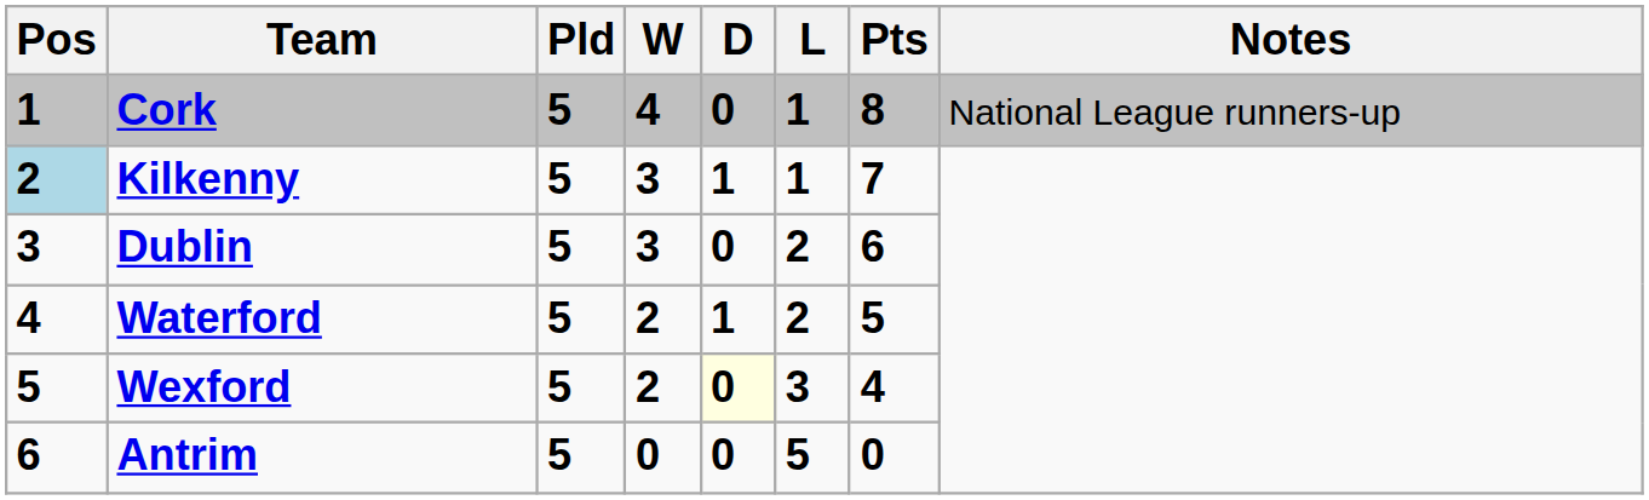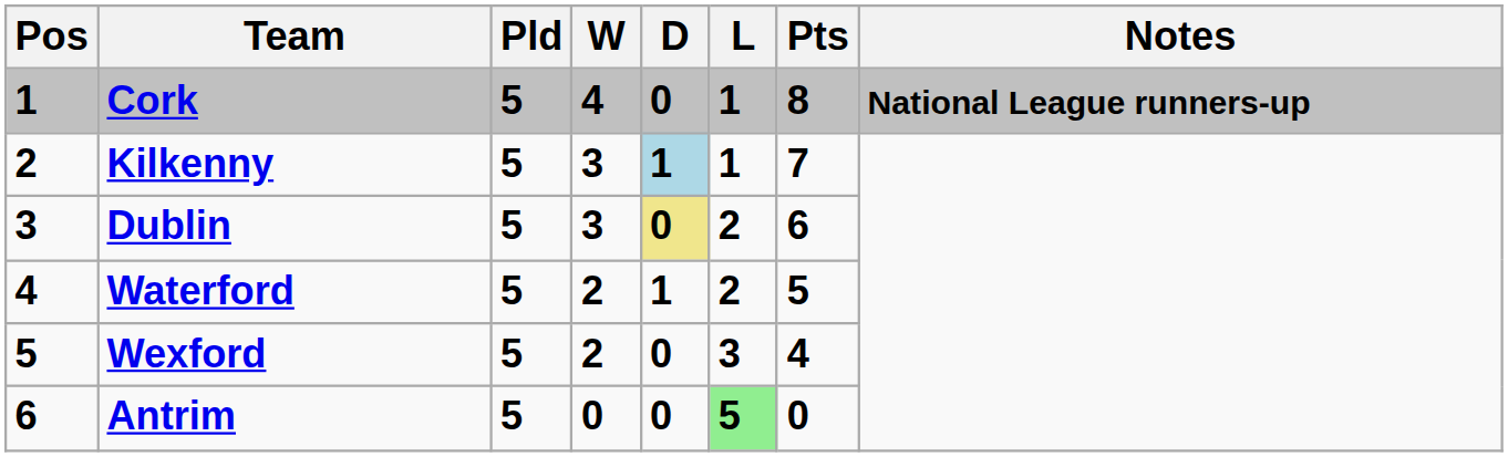 <table class="wikitable" style="text-align: centre;">
 <tr>
 <th width=20>Pos</th>
 <th width=150>Team</th>
 <th width=20>Pld</th>
 <th width=20>W</th>
 <th width=20>D</th>
 <th width=20>L</th>
 <th width=20>Pts</th>
 <th width=250>Notes</th>
 </tr>
 <tr style="background:silver;">
 <td><strong>1</strong></td>
 <td align=left><strong> <a href='#'>Cork</a></strong></td>
 <td><strong>5</strong></td>
 <td><strong>4</strong></td>
 <td><strong>0</strong></td>
 <td><strong>1</strong></td>
 <td><strong>8</strong></td>
-<td><small>National League runners-up</small></td>
+<td><strong><small>National League runners-up</small></strong></td>
 </tr>
 <tr>
-<td style="background: lightblue;"><strong>2</strong></td>
+<td><strong>2</strong></td>
 <td align=left><strong> <a href='#'>Kilkenny</a></strong></td>
 <td><strong>5</strong></td>
 <td><strong>3</strong></td>
-<td><strong>1</strong></td>
+<td style="background: lightblue;"><strong>1</strong></td>
 <td><strong>1</strong></td>
 <td><strong>7</strong></td>
 </tr>
 <tr>
 <td><strong>3</strong></td>
 <td align=left><strong> <a href='#'>Dublin</a></strong></td>
 <td><strong>5</strong></td>
 <td><strong>3</strong></td>
-<td><strong>0</strong></td>
+<td style="background: khaki;"><strong>0</strong></td>
 <td><strong>2</strong></td>
 <td><strong>6</strong></td>
 </tr>
 <tr>
 <td><strong>4</strong></td>
 <td align=left><strong> <a href='#'>Waterford</a></strong></td>
 <td><strong>5</strong></td>
 <td><strong>2</strong></td>
 <td><strong>1</strong></td>
 <td><strong>2</strong></td>
 <td><strong>5</strong></td>
 </tr>
 <tr>
 <td><strong>5</strong></td>
 <td align=left><strong> <a href='#'>Wexford</a></strong></td>
 <td><strong>5</strong></td>
 <td><strong>2</strong></td>
-<td style="background: lightyellow;"><strong>0</strong></td>
+<td><strong>0</strong></td>
 <td><strong>3</strong></td>
 <td><strong>4</strong></td>
 </tr>
 <tr>
 <td><strong>6</strong></td>
 <td align=left><strong> <a href='#'>Antrim</a></strong></td>
 <td><strong>5</strong></td>
 <td><strong>0</strong></td>
 <td><strong>0</strong></td>
-<td><strong>5</strong></td>
+<td style="background: lightgreen;"><strong>5</strong></td>
 <td><strong>0</strong></td>
 </tr>
 </table>
